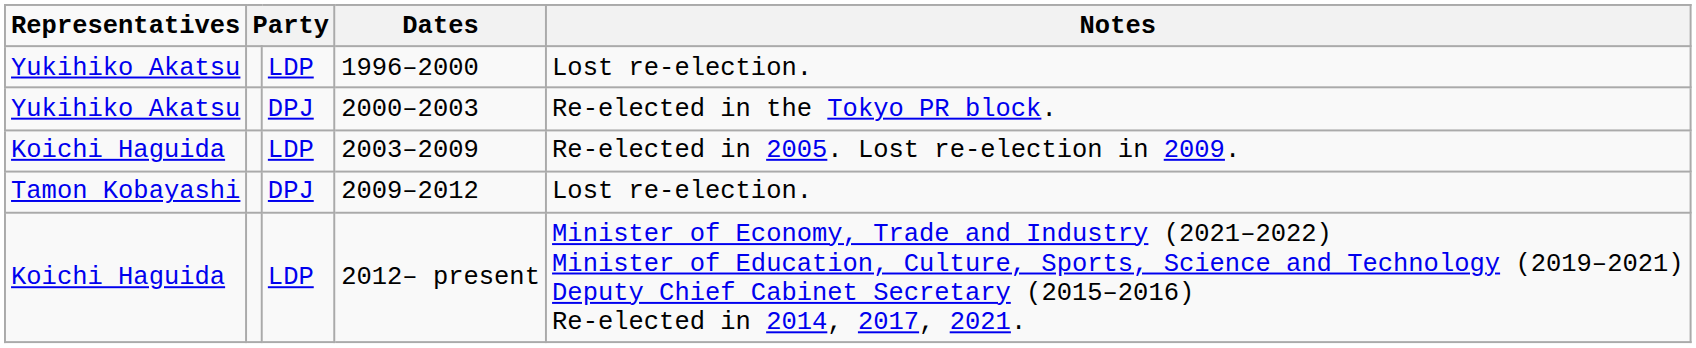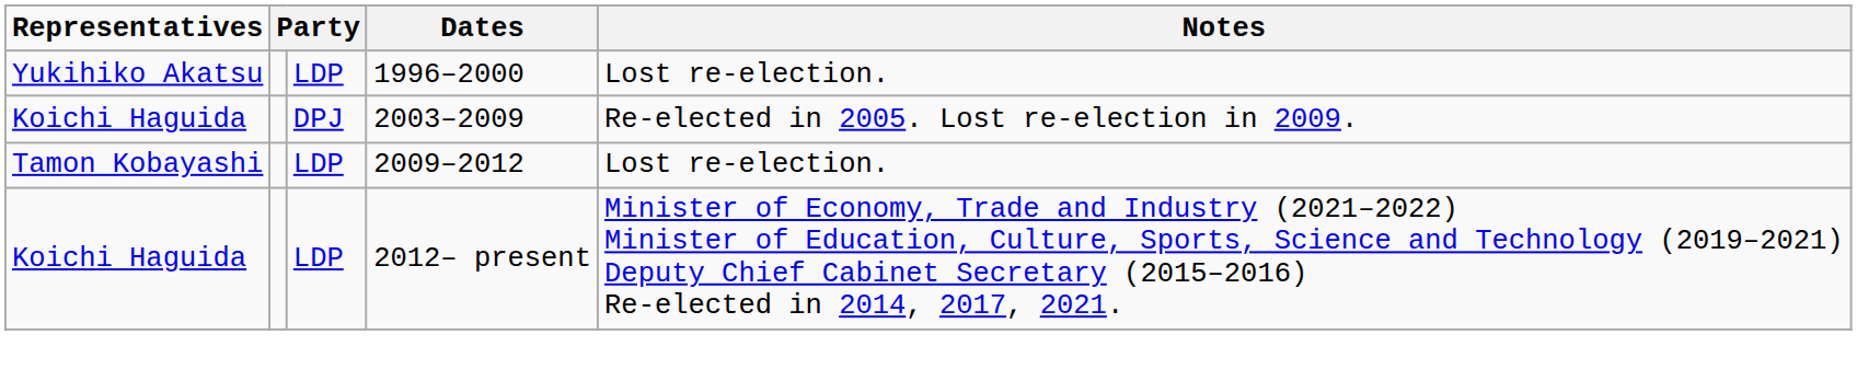 <table class="wikitable">
 <tr>
 <td><strong>Representatives</strong></td>
 <th colspan="2">Party</th>
 <th>Dates</th>
 <th>Notes</th>
 </tr>
 <tr>
 <td><a href='#'>Yukihiko Akatsu</a></td>
 <td></td>
 <td><a href='#'>LDP</a></td>
 <td>1996–2000</td>
 <td>Lost re-election.</td>
 </tr>
 <tr>
-<td><a href='#'>Yukihiko Akatsu</a></td>
+<td><a href='#'>Koichi Haguida</a></td>
 <td></td>
 <td><a href='#'>DPJ</a></td>
-<td>2000–2003</td>
-<td>Re-elected in the <a href='#'>Tokyo PR block</a>.</td>
-</tr>
-<tr>
-<td><a href='#'>Koichi Haguida</a></td>
-<td></td>
-<td><a href='#'>LDP</a></td>
 <td>2003–2009</td>
 <td>Re-elected in <a href='#'>2005</a>. Lost re-election in <a href='#'>2009</a>.</td>
 </tr>
 <tr>
 <td><a href='#'>Tamon Kobayashi</a></td>
 <td bgcolor=></td>
-<td><a href='#'>DPJ</a></td>
+<td><a href='#'>LDP</a></td>
 <td>2009–2012</td>
 <td>Lost re-election.</td>
 </tr>
 <tr>
 <td><a href='#'>Koichi Haguida</a></td>
 <td bgcolor=></td>
 <td><a href='#'>LDP</a></td>
 <td>2012– present</td>
 <td><a href='#'>Minister of Economy, Trade and Industry</a> (2021–2022)<br><a href='#'>Minister of Education, Culture, Sports, Science and Technology</a> (2019–2021)<br><a href='#'>Deputy Chief Cabinet Secretary</a> (2015–2016)<br>Re-elected in <a href='#'>2014</a>, <a href='#'>2017</a>, <a href='#'>2021</a>.</td>
 </tr>
 </table>
